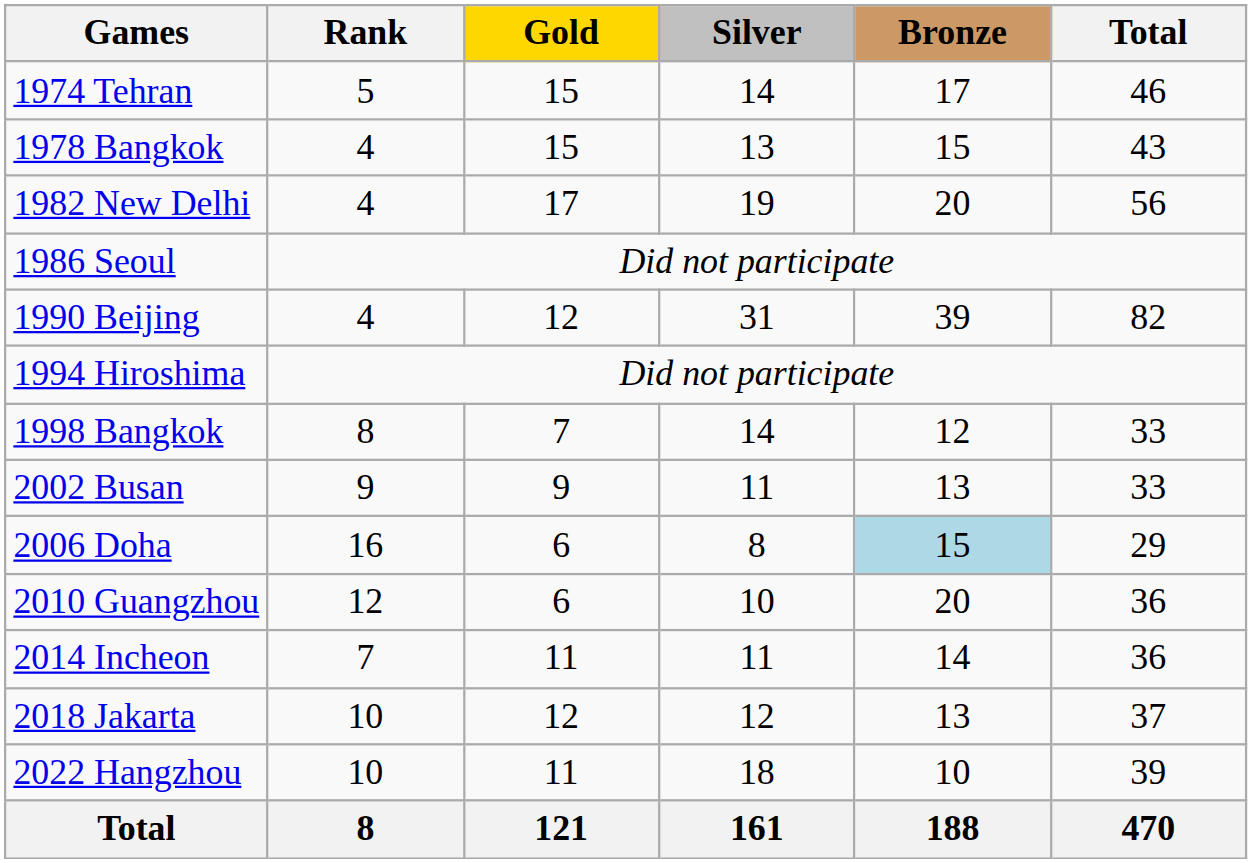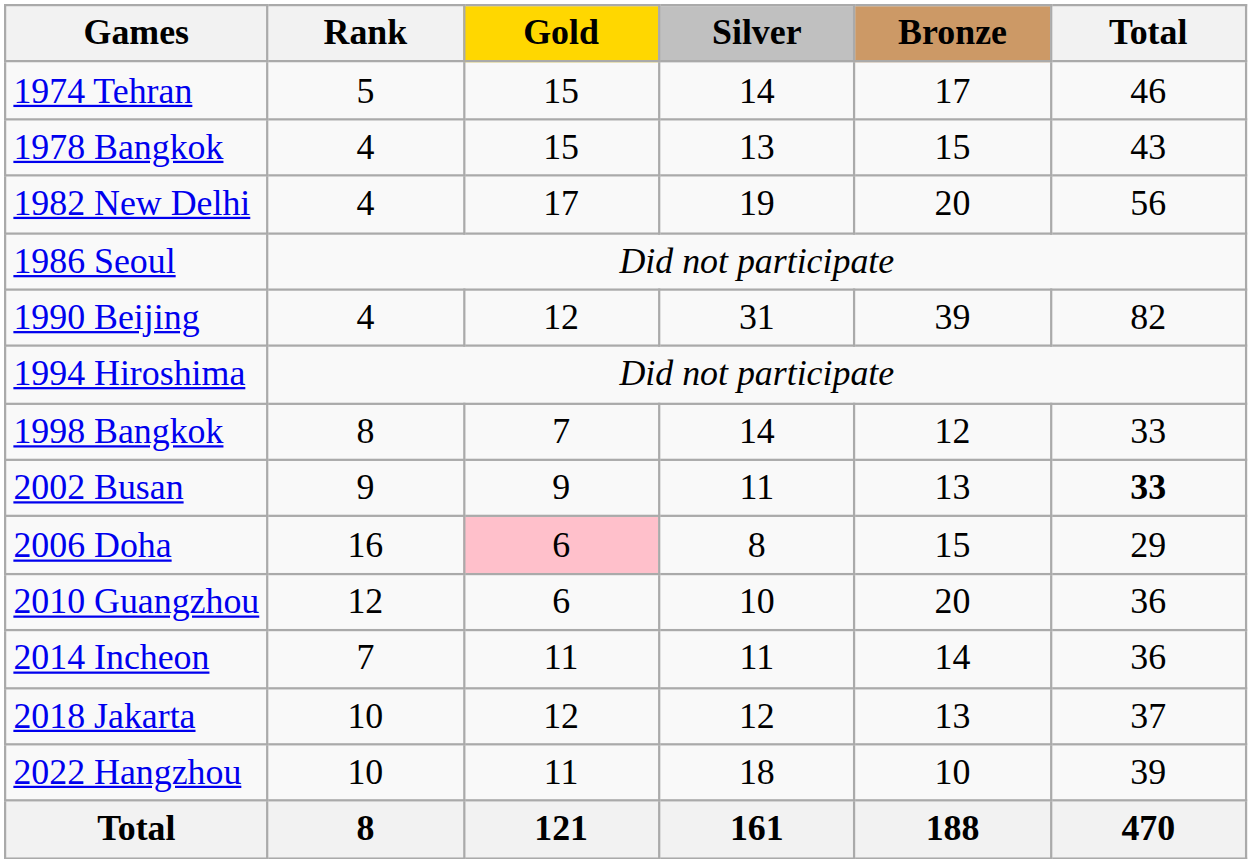 <table class="wikitable sortable" style="margin-top:0em; text-align:center; font-size:100%;">
 <tr>
 <th>Games</th>
 <th style="width:5em;">Rank</th>
 <th style="background:gold; width:5em;"><strong>Gold</strong></th>
 <th style="background:silver; width:5em;"><strong>Silver</strong></th>
 <th style="background:#cc9966; width:5em;"><strong>Bronze</strong></th>
 <th style="width:5em;">Total</th>
 </tr>
 <tr>
 <td align=left><a href='#'>1974 Tehran</a></td>
 <td>5</td>
 <td>15</td>
 <td>14</td>
 <td>17</td>
 <td>46</td>
 </tr>
 <tr>
 <td align=left><a href='#'>1978 Bangkok</a></td>
 <td>4</td>
 <td>15</td>
 <td>13</td>
 <td>15</td>
 <td>43</td>
 </tr>
 <tr>
 <td align=left><a href='#'>1982 New Delhi</a></td>
 <td>4</td>
 <td>17</td>
 <td>19</td>
 <td>20</td>
 <td>56</td>
 </tr>
 <tr>
 <td align=left><a href='#'>1986 Seoul</a></td>
 <td colspan=5><em>Did not participate</em></td>
 </tr>
 <tr>
 <td align=left><a href='#'>1990 Beijing</a></td>
 <td>4</td>
 <td>12</td>
 <td>31</td>
 <td>39</td>
 <td>82</td>
 </tr>
 <tr>
 <td align=left><a href='#'>1994 Hiroshima</a></td>
 <td colspan=5><em>Did not participate</em></td>
 </tr>
 <tr>
 <td align=left><a href='#'>1998 Bangkok</a></td>
 <td>8</td>
 <td>7</td>
 <td>14</td>
 <td>12</td>
 <td>33</td>
 </tr>
 <tr>
 <td align=left><a href='#'>2002 Busan</a></td>
 <td>9</td>
 <td>9</td>
 <td>11</td>
 <td>13</td>
-<td>33</td>
+<td><strong>33</strong></td>
 </tr>
 <tr>
 <td align=left><a href='#'>2006 Doha</a></td>
 <td>16</td>
-<td>6</td>
+<td style="background: pink;">6</td>
 <td>8</td>
-<td style="background: lightblue;">15</td>
+<td>15</td>
 <td>29</td>
 </tr>
 <tr>
 <td align=left><a href='#'>2010 Guangzhou</a></td>
 <td>12</td>
 <td>6</td>
 <td>10</td>
 <td>20</td>
 <td>36</td>
 </tr>
 <tr>
 <td align=left><a href='#'>2014 Incheon</a></td>
 <td>7</td>
 <td>11</td>
 <td>11</td>
 <td>14</td>
 <td>36</td>
 </tr>
 <tr>
 <td align=left><a href='#'>2018 Jakarta</a></td>
 <td>10</td>
 <td>12</td>
 <td>12</td>
 <td>13</td>
 <td>37</td>
 </tr>
 <tr>
 <td align=left><a href='#'>2022 Hangzhou</a></td>
 <td>10</td>
 <td>11</td>
 <td>18</td>
 <td>10</td>
 <td>39</td>
 </tr>
 <tr>
 <th>Total</th>
 <th>8</th>
 <th>121</th>
 <th>161</th>
 <th>188</th>
 <th>470</th>
 </tr>
 </table>
